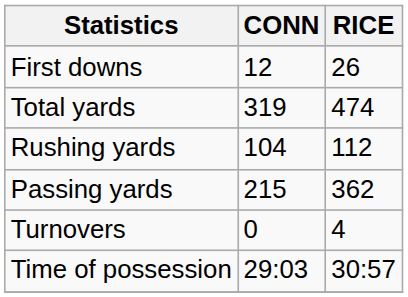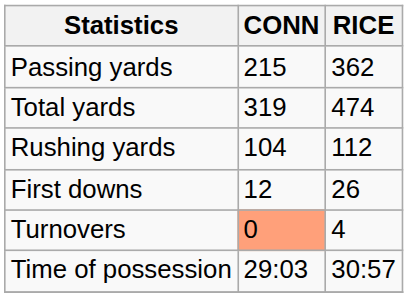 <table class="wikitable" style="float: left;">
 <tr>
 <th>Statistics</th>
 <th>CONN</th>
 <th>RICE</th>
 </tr>
 <tr>
-<td>First downs</td>
-<td>12</td>
-<td>26</td>
+<td>Passing yards</td>
+<td>215</td>
+<td>362</td>
 </tr>
 <tr>
 <td>Total yards</td>
 <td>319</td>
 <td>474</td>
 </tr>
 <tr>
 <td>Rushing yards</td>
 <td>104</td>
 <td>112</td>
 </tr>
 <tr>
-<td>Passing yards</td>
-<td>215</td>
-<td>362</td>
+<td>First downs</td>
+<td>12</td>
+<td>26</td>
 </tr>
 <tr>
 <td>Turnovers</td>
-<td>0</td>
+<td style="background: lightsalmon;">0</td>
 <td>4</td>
 </tr>
 <tr>
 <td>Time of possession</td>
 <td>29:03</td>
 <td>30:57</td>
 </tr>
 <tr>
 </tr>
 </table>
